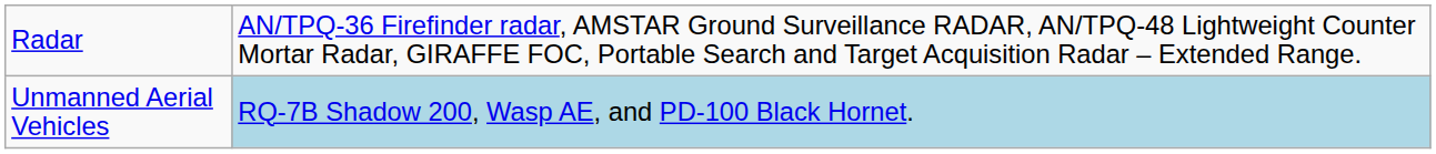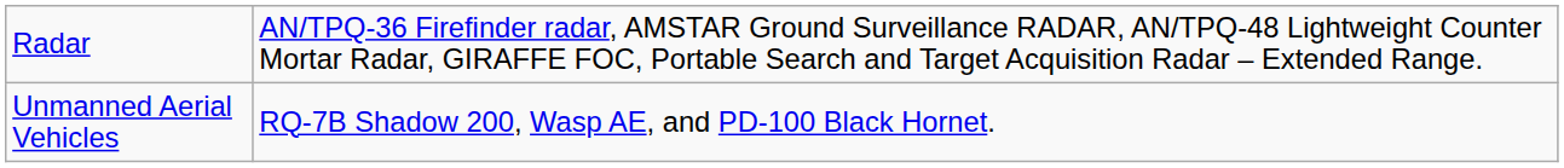 <table class="wikitable">
 <tr>
 <td><a href='#'>Radar</a></td>
 <td><a href='#'>AN/TPQ-36 Firefinder radar</a>, AMSTAR Ground Surveillance RADAR, AN/TPQ-48 Lightweight Counter Mortar Radar, GIRAFFE FOC, Portable Search and Target Acquisition Radar – Extended Range.</td>
 </tr>
 <tr>
 <td><a href='#'>Unmanned Aerial Vehicles</a></td>
-<td style="background: lightblue;"><a href='#'>RQ-7B Shadow 200</a>, <a href='#'>Wasp AE</a>, and <a href='#'>PD-100 Black Hornet</a>.</td>
+<td><a href='#'>RQ-7B Shadow 200</a>, <a href='#'>Wasp AE</a>, and <a href='#'>PD-100 Black Hornet</a>.</td>
 </tr>
 </table>
